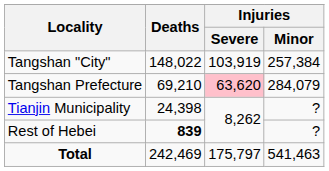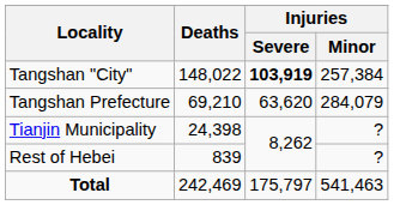 <table class="wikitable floatright"; style="text-align: right";>
 <tr>
 </tr>
 <tr>
 <th rowspan="2">Locality</th>
 <th rowspan="2">Deaths</th>
 <th colspan="2">Injuries</th>
 </tr>
 <tr>
 <th>Severe</th>
 <th>Minor</th>
 </tr>
 <tr>
 <td style="text-align: left">Tangshan "City"</td>
 <td>148,022</td>
-<td>103,919</td>
+<td><strong>103,919</strong></td>
 <td>257,384</td>
 </tr>
 <tr>
 <td style="text-align: left">Tangshan Prefecture</td>
 <td>69,210</td>
-<td style="background: pink;">63,620</td>
+<td>63,620</td>
 <td>284,079</td>
 </tr>
 <tr>
 <td style="text-align: left"><a href='#'>Tianjin</a> Municipality</td>
 <td>24,398</td>
 <td rowspan="2">8,262</td>
 <td>?</td>
 </tr>
 <tr>
 <td style="text-align: left">Rest of Hebei</td>
-<td><strong>839</strong></td>
+<td>839</td>
 <td>?</td>
 </tr>
 <tr>
 <td style="text-align: center";><strong>Total</strong></td>
 <td>242,469</td>
 <td>175,797</td>
 <td>541,463</td>
 </tr>
 </table>
